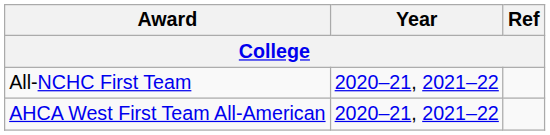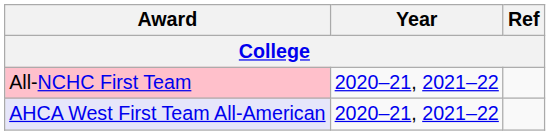 <table class="wikitable">
 <tr>
 <th>Award</th>
 <th>Year</th>
 <th>Ref</th>
 </tr>
 <tr>
 <th colspan="3"><a href='#'>College</a></th>
 </tr>
 <tr>
-<td>All-<a href='#'>NCHC First Team</a></td>
+<td style="background: pink;">All-<a href='#'>NCHC First Team</a></td>
 <td><a href='#'>2020–21</a>, <a href='#'>2021–22</a></td>
 <td></td>
 </tr>
 <tr>
-<td><a href='#'>AHCA West First Team All-American</a></td>
+<td style="background: lavender;"><a href='#'>AHCA West First Team All-American</a></td>
 <td><a href='#'>2020–21</a>, <a href='#'>2021–22</a></td>
 <td></td>
 </tr>
 </table>
